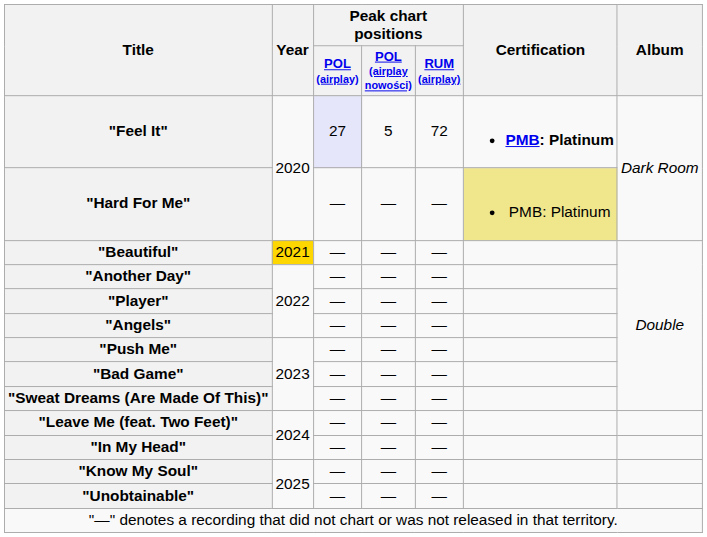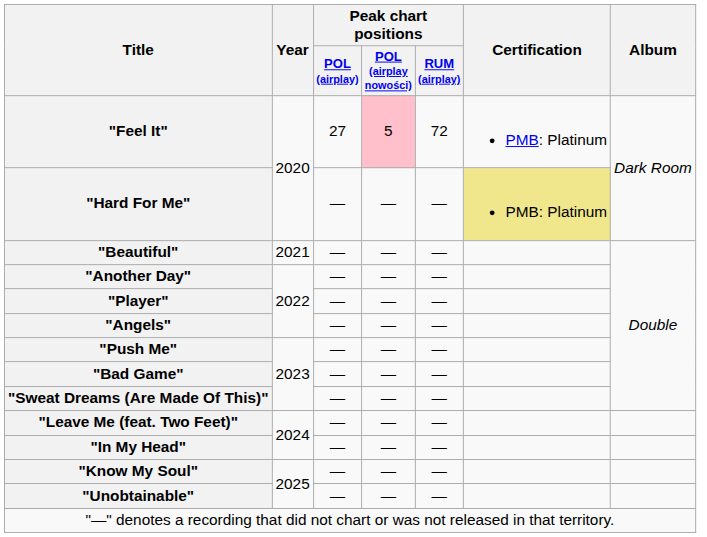 <table class="wikitable plainrowheaders" style="text-align:center;">
 <tr>
 <th rowspan="2">Title</th>
 <th rowspan="2">Year</th>
 <th colspan="3">Peak chart positions</th>
 <th rowspan="2">Certification</th>
 <th rowspan="2">Album</th>
 </tr>
 <tr>
 <th style="width:3em;font-size:85%;"><a href='#'>POL<br><small>(airplay)</small></a><br></th>
 <th style="width:3em;font-size:85%;"><a href='#'>POL<br><small>(airplay<br>nowości)</small></a><br></th>
 <th style="width:3em;font-size:85%;"><a href='#'>RUM<br><small>(airplay)</small></a><br></th>
 </tr>
 <tr>
 <th scope="row">"Feel It"</th>
 <td rowspan="2">2020</td>
-<td style="background: lavender;">27</td>
-<td>5</td>
+<td>27</td>
+<td style="background: pink;">5</td>
 <td>72</td>
-<td align="left"><strong><br><ul><li><a href='#'>PMB</a>: Platinum</li></ul></strong></td>
+<td align="left"><br><ul><li><a href='#'>PMB</a>: Platinum</li></ul></td>
 <td rowspan="2"><em>Dark Room</em></td>
 </tr>
 <tr>
 <th scope="row">"Hard For Me"</th>
 <td>—</td>
 <td>—</td>
 <td>—</td>
 <td style="background: khaki;"><br><ul><li>PMB: Platinum</li></ul></td>
 </tr>
 <tr>
 <th scope="row">"Beautiful"</th>
-<td style="background: gold;">2021</td>
+<td>2021</td>
 <td>—</td>
 <td>—</td>
 <td>—</td>
 <td></td>
 <td rowspan="7"><em>Double</em></td>
 </tr>
 <tr>
 <th scope="row">"Another Day"</th>
 <td rowspan="3">2022</td>
 <td>—</td>
 <td>—</td>
 <td>—</td>
 <td></td>
 </tr>
 <tr>
 <th scope="row">"Player"</th>
 <td>—</td>
 <td>—</td>
 <td>—</td>
 <td></td>
 </tr>
 <tr>
 <th scope="row">"Angels"</th>
 <td>—</td>
 <td>—</td>
 <td>—</td>
 <td></td>
 </tr>
 <tr>
 <th scope="row">"Push Me"</th>
 <td rowspan="3">2023</td>
 <td>—</td>
 <td>—</td>
 <td>—</td>
 <td></td>
 </tr>
 <tr>
 <th scope="row">"Bad Game"</th>
 <td>—</td>
 <td>—</td>
 <td>—</td>
 <td></td>
 </tr>
 <tr>
 <th scope="row">"Sweat Dreams (Are Made Of This)"</th>
 <td>—</td>
 <td>—</td>
 <td>—</td>
 <td></td>
 </tr>
 <tr>
 <th scope="row">"Leave Me (feat. Two Feet)"</th>
 <td rowspan="2">2024</td>
 <td>—</td>
 <td>—</td>
 <td>—</td>
 <td></td>
 <td></td>
 </tr>
 <tr>
 <th scope="row">"In My Head"</th>
 <td>—</td>
 <td>—</td>
 <td>—</td>
 <td></td>
 <td></td>
 </tr>
 <tr>
 <th scope="row">"Know My Soul"</th>
 <td rowspan="2">2025</td>
 <td>—</td>
 <td>—</td>
 <td>—</td>
 <td></td>
 <td></td>
 </tr>
 <tr>
 <th scope="row">"Unobtainable"</th>
 <td>—</td>
 <td>—</td>
 <td>—</td>
 <td></td>
 <td></td>
 </tr>
 <tr>
 <td colspan="8">"—" denotes a recording that did not chart or was not released in that territory.</td>
 </tr>
 </table>
